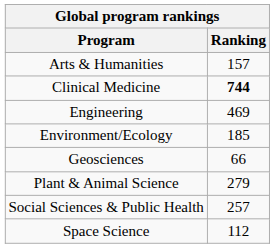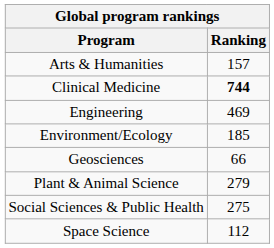 <table class="wikitable sortable collapsible collapsed" style="float:right; text-align:center">
 <tr>
 <th colspan=4>Global program rankings</th>
 </tr>
 <tr>
 <th>Program</th>
 <th>Ranking</th>
 </tr>
 <tr>
 <td>Arts & Humanities</td>
 <td>157</td>
 </tr>
 <tr>
 <td>Clinical Medicine</td>
 <td><strong>744</strong></td>
 </tr>
 <tr>
 <td>Engineering</td>
 <td>469</td>
 </tr>
 <tr>
 <td>Environment/Ecology</td>
 <td>185</td>
 </tr>
 <tr>
 <td>Geosciences</td>
 <td>66</td>
 </tr>
 <tr>
 <td>Plant & Animal Science</td>
 <td>279</td>
 </tr>
 <tr>
 <td>Social Sciences & Public Health</td>
-<td>257</td>
+<td>275</td>
 </tr>
 <tr>
 <td>Space Science</td>
 <td>112</td>
 </tr>
 </table>
